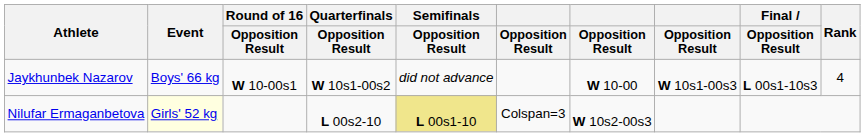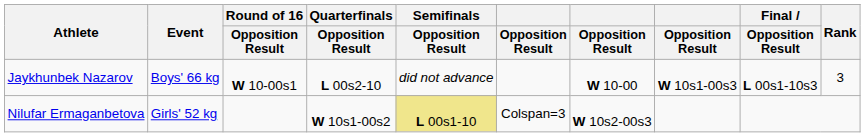 <table class="wikitable" style="font-size:90%">
 <tr>
 <th rowspan="2">Athlete</th>
 <th rowspan="2">Event</th>
 <th>Round of 16</th>
 <th>Quarterfinals</th>
 <th>Semifinals</th>
 <th></th>
 <th></th>
 <th></th>
 <th>Final / </th>
 <th rowspan=2>Rank</th>
 </tr>
 <tr style="font-size:95%">
 <th>Opposition<br>Result</th>
 <th>Opposition<br>Result</th>
 <th>Opposition<br>Result</th>
 <th>Opposition<br>Result</th>
 <th>Opposition<br>Result</th>
 <th>Opposition<br>Result</th>
 <th>Opposition<br>Result</th>
 </tr>
 <tr align=center>
 <td align=left><a href='#'>Jaykhunbek Nazarov</a></td>
 <td align=left><a href='#'>Boys' 66 kg</a></td>
 <td><br> <strong>W</strong> 10-00s1</td>
-<td><br> <strong>W</strong> 10s1-00s2</td>
+<td><br> <strong>L</strong> 00s2-10</td>
 <td><em>did not advance</em></td>
 <td></td>
 <td><br> <strong>W</strong> 10-00</td>
 <td><br> <strong>W</strong> 10s1-00s3</td>
 <td><br> <strong>L</strong> 00s1-10s3</td>
-<td>4</td>
+<td>3</td>
 </tr>
 <tr align=center>
 <td align=left><a href='#'>Nilufar Ermaganbetova</a></td>
-<td align=left style="background: lightyellow;"><a href='#'>Girls' 52 kg</a></td>
+<td align=left><a href='#'>Girls' 52 kg</a></td>
 <td></td>
-<td><br> <strong>L</strong> 00s2-10</td>
+<td><br> <strong>W</strong> 10s1-00s2</td>
 <td style="background: khaki;"><br> <strong>L</strong> 00s1-10</td>
 <td>Colspan=3 </td>
 <td><br> <strong>W</strong> 10s2-00s3</td>
 <td></td>
 </tr>
 </table>
